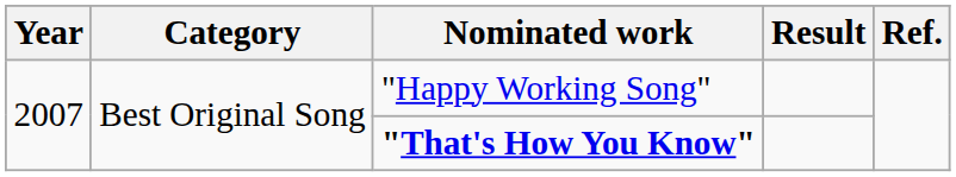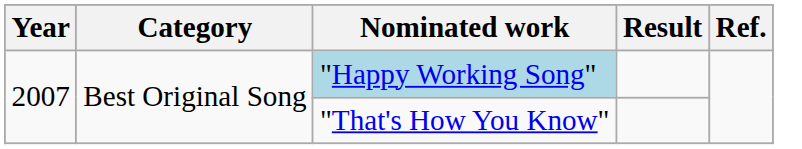 <table class="wikitable">
 <tr>
 <th>Year</th>
 <th>Category</th>
 <th>Nominated work</th>
 <th>Result</th>
 <th>Ref.</th>
 </tr>
 <tr>
 <td rowspan="2">2007</td>
 <td rowspan="2">Best Original Song</td>
-<td>"<a href='#'>Happy Working Song</a>" </td>
+<td style="background: lightblue;">"<a href='#'>Happy Working Song</a>" </td>
 <td></td>
 <td align="center" rowspan="2"></td>
 </tr>
 <tr>
-<td><strong>"<a href='#'>That's How You Know</a>" </strong></td>
+<td>"<a href='#'>That's How You Know</a>" </td>
 <td></td>
 </tr>
 </table>
